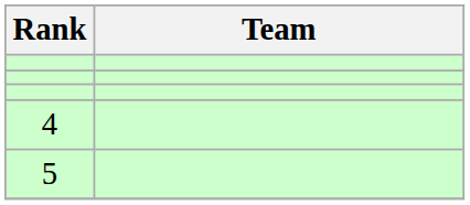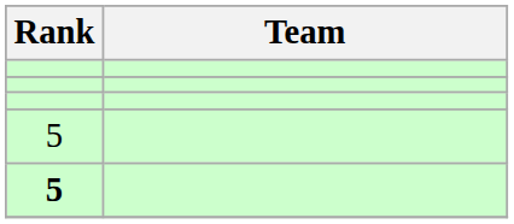 <table class=wikitable style="text-align:center;">
 <tr>
 <th>Rank</th>
 <th width=180>Team</th>
 </tr>
 <tr bgcolor=#CCFFCC>
 <td></td>
 <td align=left></td>
 </tr>
 <tr bgcolor=#CCFFCC>
 <td></td>
 <td align=left></td>
 </tr>
 <tr bgcolor=#CCFFCC>
 <td></td>
 <td align=left></td>
 </tr>
 <tr bgcolor=#CCFFCC>
-<td>4</td>
+<td>5</td>
 <td align=left></td>
 </tr>
 <tr bgcolor=#CCFFCC>
-<td>5</td>
+<td><strong>5</strong></td>
 <td align=left></td>
 </tr>
 <tr>
 </tr>
 </table>
